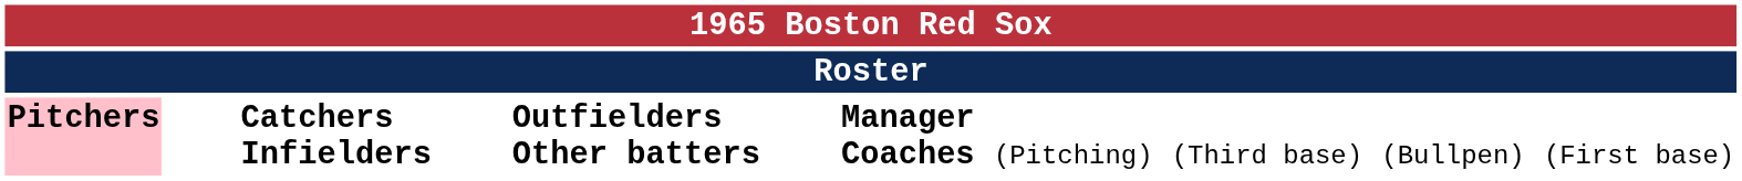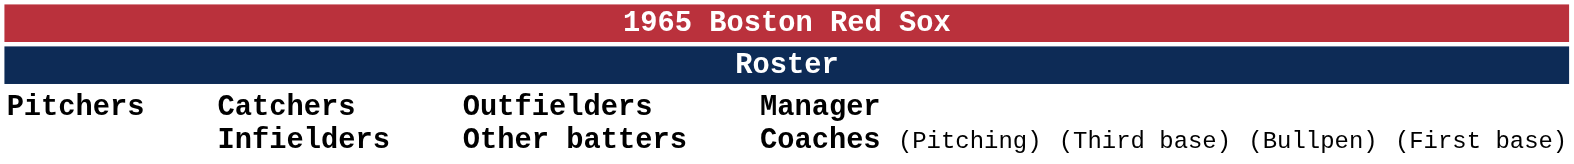 <table class="toccolours" style="text-align: left;">
 <tr>
 <th colspan="10" style="background-color: #ba313c; color: white; text-align: center;">1965 Boston Red Sox</th>
 </tr>
 <tr>
 <td colspan="10" style="background-color:#0d2b56; color: white; text-align: center;"><strong>Roster</strong></td>
 </tr>
 <tr>
-<td valign="top" style="background: pink;"><strong>Pitchers</strong><br>           </td>
+<td valign="top"><strong>Pitchers</strong><br>           </td>
 <td width="25px"></td>
 <td valign="top"><strong>Catchers</strong><br>   <strong>Infielders</strong>        </td>
 <td width="25px"></td>
 <td valign="top"><strong>Outfielders</strong><br>     <strong>Other batters</strong>  </td>
 <td width="25px"></td>
 <td valign="top"><strong>Manager</strong><br> <strong>Coaches</strong>  <small>(Pitching)</small>  <small>(Third base)</small>  <small>(Bullpen)</small>  <small>(First base)</small></td>
 </tr>
 <tr>
 </tr>
 </table>
